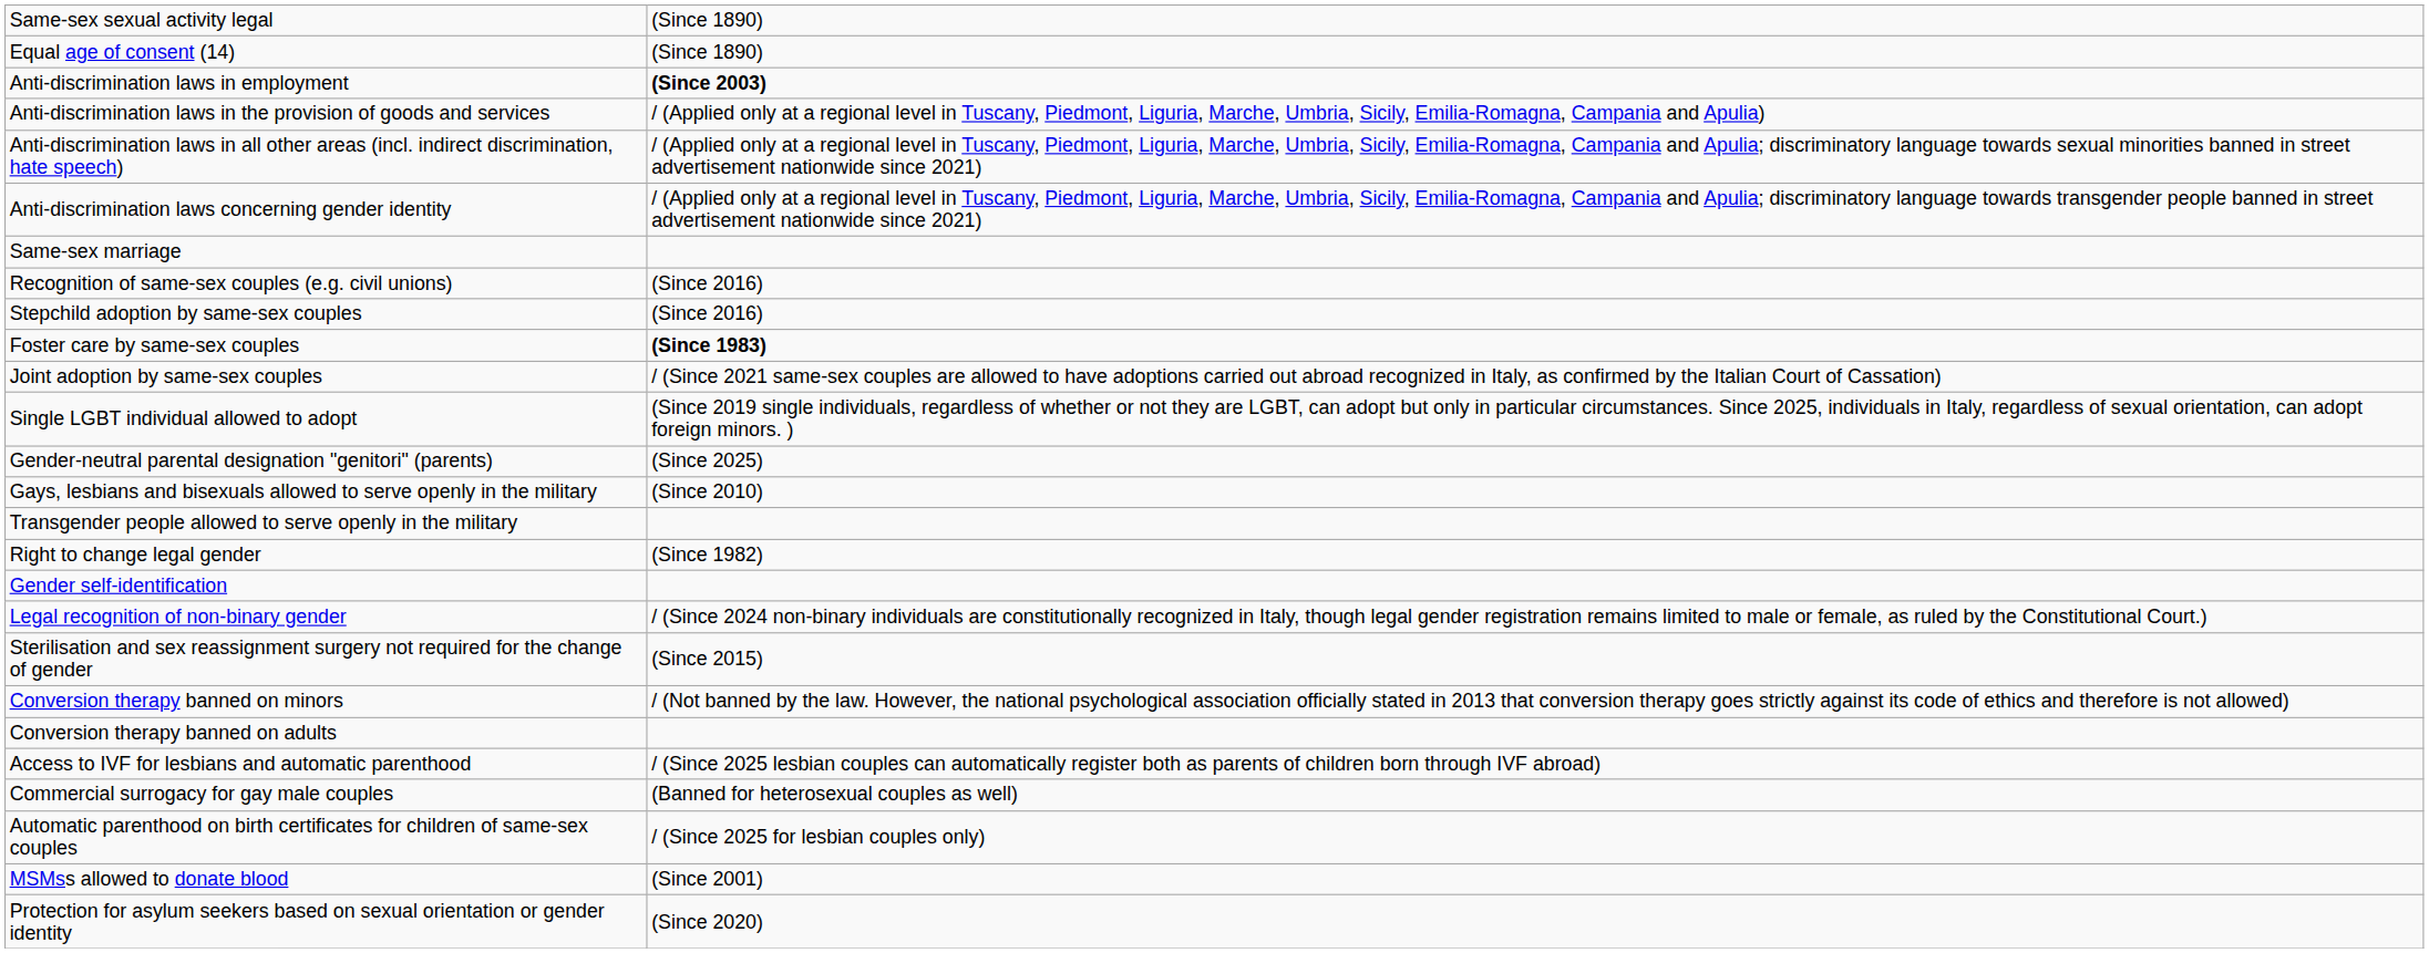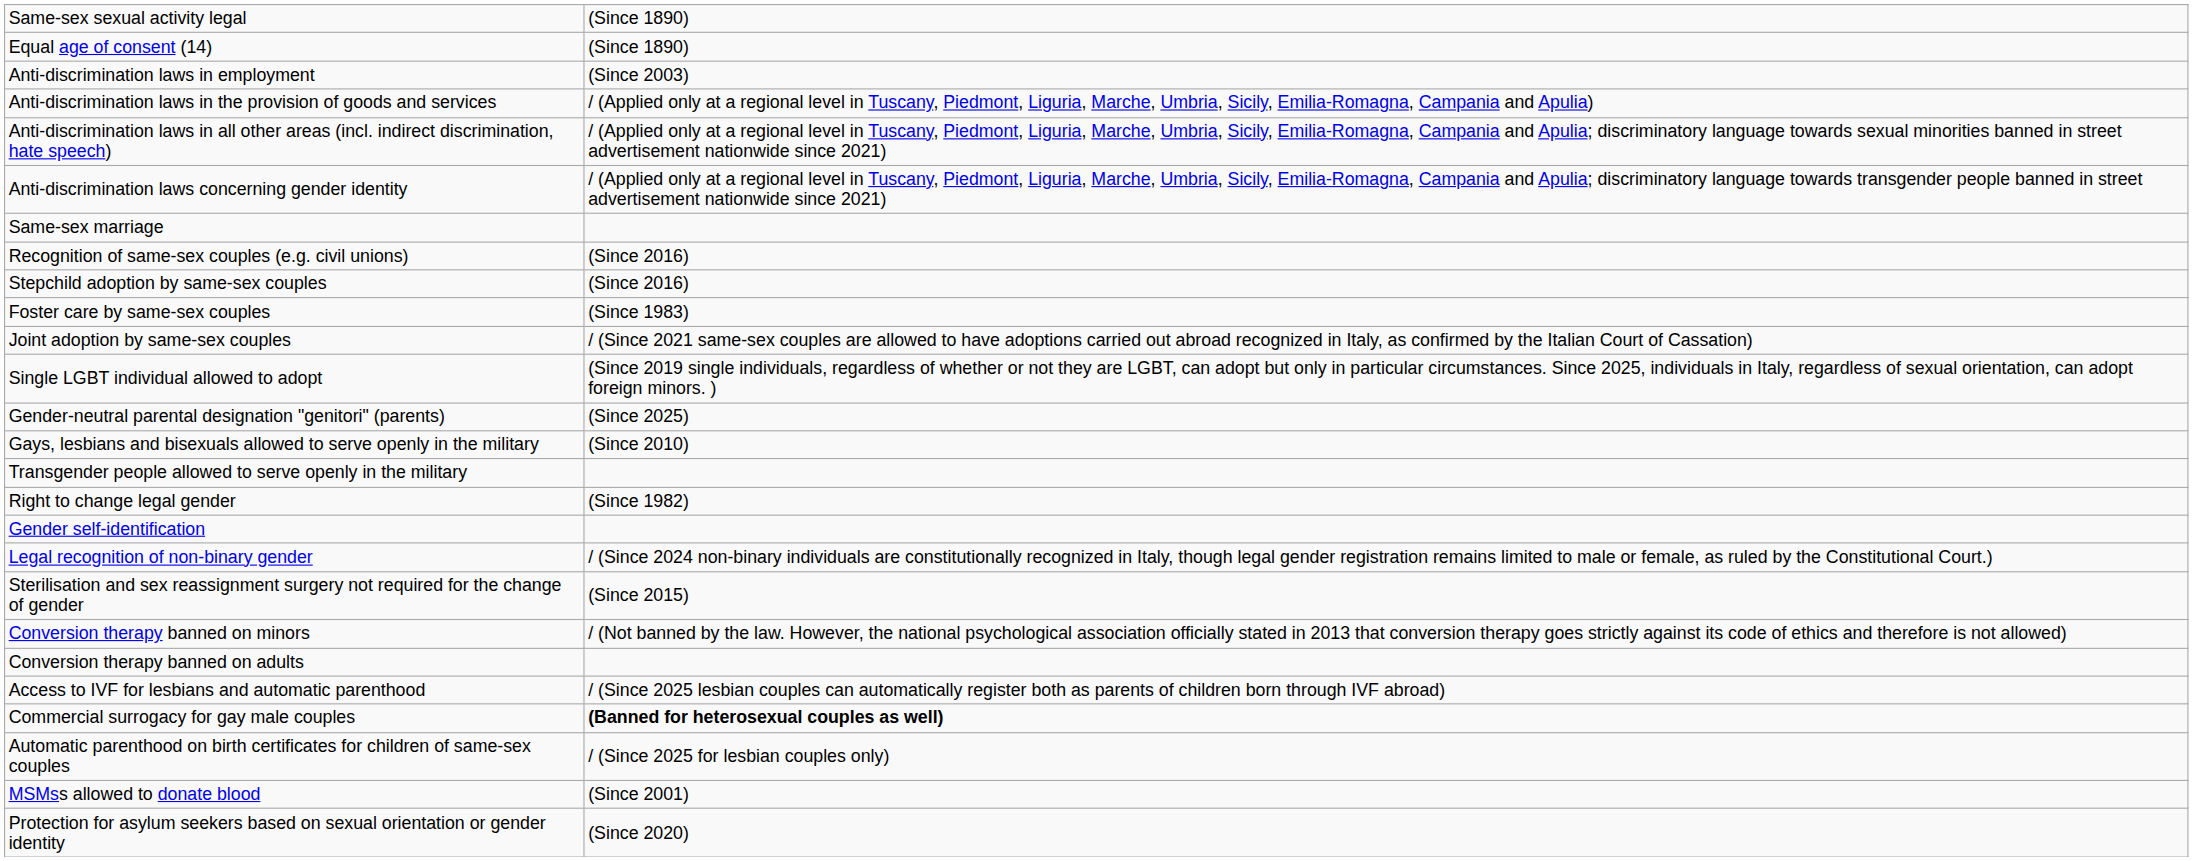 <table class="wikitable">
 <tr>
 <td>Same-sex sexual activity legal</td>
 <td> (Since 1890)</td>
 </tr>
 <tr>
 <td>Equal <a href='#'>age of consent</a> (14)</td>
 <td> (Since 1890)</td>
 </tr>
 <tr>
 <td>Anti-discrimination laws in employment</td>
-<td><strong> (Since 2003)</strong></td>
+<td> (Since 2003)</td>
 </tr>
 <tr>
 <td>Anti-discrimination laws in the provision of goods and services</td>
 <td>/ (Applied only at a regional level in <a href='#'>Tuscany</a>, <a href='#'>Piedmont</a>, <a href='#'>Liguria</a>, <a href='#'>Marche</a>, <a href='#'>Umbria</a>, <a href='#'>Sicily</a>, <a href='#'>Emilia-Romagna</a>, <a href='#'>Campania</a> and <a href='#'>Apulia</a>)</td>
 </tr>
 <tr>
 <td>Anti-discrimination laws in all other areas (incl. indirect discrimination, <a href='#'>hate speech</a>)</td>
 <td>/ (Applied only at a regional level in <a href='#'>Tuscany</a>, <a href='#'>Piedmont</a>, <a href='#'>Liguria</a>, <a href='#'>Marche</a>, <a href='#'>Umbria</a>, <a href='#'>Sicily</a>, <a href='#'>Emilia-Romagna</a>, <a href='#'>Campania</a> and <a href='#'>Apulia</a>; discriminatory language towards sexual minorities banned in street advertisement nationwide since 2021)</td>
 </tr>
 <tr>
 <td>Anti-discrimination laws concerning gender identity</td>
 <td>/ (Applied only at a regional level in <a href='#'>Tuscany</a>, <a href='#'>Piedmont</a>, <a href='#'>Liguria</a>, <a href='#'>Marche</a>, <a href='#'>Umbria</a>, <a href='#'>Sicily</a>, <a href='#'>Emilia-Romagna</a>, <a href='#'>Campania</a> and <a href='#'>Apulia</a>; discriminatory language towards transgender people banned in street advertisement nationwide since 2021)</td>
 </tr>
 <tr>
 <td>Same-sex marriage</td>
 <td></td>
 </tr>
 <tr>
 <td>Recognition of same-sex couples (e.g. civil unions)</td>
 <td> (Since 2016)</td>
 </tr>
 <tr>
 <td>Stepchild adoption by same-sex couples</td>
 <td> (Since 2016)</td>
 </tr>
 <tr>
 <td>Foster care by same-sex couples</td>
-<td><strong> (Since 1983)</strong></td>
+<td> (Since 1983)</td>
 </tr>
 <tr>
 <td>Joint adoption by same-sex couples</td>
 <td>/ (Since 2021 same-sex couples are allowed to have adoptions carried out abroad recognized in Italy, as confirmed by the Italian Court of Cassation)</td>
 </tr>
 <tr>
 <td>Single LGBT individual allowed to adopt</td>
 <td> (Since 2019 single individuals, regardless of whether or not they are LGBT, can adopt but only in particular circumstances. Since 2025, individuals in Italy, regardless of sexual orientation, can adopt foreign minors. )</td>
 </tr>
 <tr>
 <td>Gender-neutral parental designation "genitori" (parents)</td>
 <td> (Since 2025)</td>
 </tr>
 <tr>
 <td>Gays, lesbians and bisexuals allowed to serve openly in the military</td>
 <td> (Since 2010)</td>
 </tr>
 <tr>
 <td>Transgender people allowed to serve openly in the military</td>
 <td></td>
 </tr>
 <tr>
 <td>Right to change legal gender</td>
 <td> (Since 1982)</td>
 </tr>
 <tr>
 <td><a href='#'>Gender self-identification</a></td>
 <td></td>
 </tr>
 <tr>
 <td><a href='#'>Legal recognition of non-binary gender</a></td>
 <td>/ (Since 2024 non-binary individuals are constitutionally recognized in Italy, though legal gender registration remains limited to male or female, as ruled by the Constitutional Court.)</td>
 </tr>
 <tr>
 <td>Sterilisation and sex reassignment surgery not required for the change of gender</td>
 <td> (Since 2015)</td>
 </tr>
 <tr>
 <td><a href='#'>Conversion therapy</a> banned on minors</td>
 <td>/ (Not banned by the law. However, the national psychological association officially stated in 2013 that conversion therapy goes strictly against its code of ethics and therefore is not allowed)</td>
 </tr>
 <tr>
 <td>Conversion therapy banned on adults</td>
 <td></td>
 </tr>
 <tr>
 <td>Access to IVF for lesbians and automatic parenthood</td>
 <td>/ (Since 2025 lesbian couples can automatically register both as parents of children born through IVF abroad)</td>
 </tr>
 <tr>
 <td>Commercial surrogacy for gay male couples</td>
-<td> (Banned for heterosexual couples as well)</td>
+<td><strong> (Banned for heterosexual couples as well)</strong></td>
 </tr>
 <tr>
 <td>Automatic parenthood on birth certificates for children of same-sex couples</td>
 <td>/ (Since 2025 for lesbian couples only)</td>
 </tr>
 <tr>
 <td><a href='#'>MSMs</a>s allowed to <a href='#'>donate blood</a></td>
 <td> (Since 2001)</td>
 </tr>
 <tr>
 <td>Protection for asylum seekers based on sexual orientation or gender identity</td>
 <td> (Since 2020)</td>
 </tr>
 </table>
